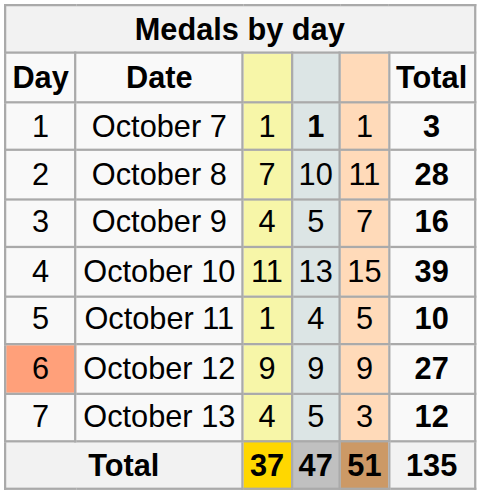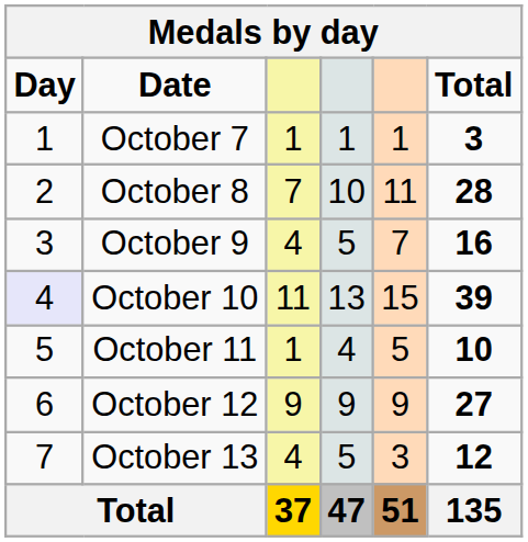 <table class=wikitable style="font-size:85%;text-align:center">
 <tr bgcolor=EFEFEF>
 <th colspan=6>Medals by day</th>
 </tr>
 <tr>
 <td><strong>Day</strong></td>
 <td><strong>Date</strong></td>
 <td bgcolor=F7F6A8></td>
 <td bgcolor=DCE5E5></td>
 <td bgcolor=FFDAB9></td>
 <td><strong>Total</strong></td>
 </tr>
 <tr>
 <td>1</td>
 <td>October 7</td>
 <td bgcolor=F7F6A8>1</td>
-<td bgcolor=DCE5E5><strong>1</strong></td>
+<td bgcolor=DCE5E5>1</td>
 <td bgcolor=FFDAB9>1</td>
 <td><strong>3</strong></td>
 </tr>
 <tr>
 <td>2</td>
 <td>October 8</td>
 <td bgcolor=F7F6A8>7</td>
 <td bgcolor=DCE5E5>10</td>
 <td bgcolor=FFDAB9>11</td>
 <td><strong>28</strong></td>
 </tr>
 <tr>
 <td>3</td>
 <td>October 9</td>
 <td bgcolor=F7F6A8>4</td>
 <td bgcolor=DCE5E5>5</td>
 <td bgcolor=FFDAB9>7</td>
 <td><strong>16</strong></td>
 </tr>
 <tr>
-<td>4</td>
+<td style="background: lavender;">4</td>
 <td>October 10</td>
 <td bgcolor=F7F6A8>11</td>
 <td bgcolor=DCE5E5>13</td>
 <td bgcolor=FFDAB9>15</td>
 <td><strong>39</strong></td>
 </tr>
 <tr>
 <td>5</td>
 <td>October 11</td>
 <td bgcolor=F7F6A8>1</td>
 <td bgcolor=DCE5E5>4</td>
 <td bgcolor=FFDAB9>5</td>
 <td><strong>10</strong></td>
 </tr>
 <tr>
-<td style="background: lightsalmon;">6</td>
+<td>6</td>
 <td>October 12</td>
 <td bgcolor=F7F6A8>9</td>
 <td bgcolor=DCE5E5>9</td>
 <td bgcolor=FFDAB9>9</td>
 <td><strong>27</strong></td>
 </tr>
 <tr>
 <td>7</td>
 <td>October 13</td>
 <td bgcolor=F7F6A8>4</td>
 <td bgcolor=DCE5E5>5</td>
 <td bgcolor=FFDAB9>3</td>
 <td><strong>12</strong></td>
 </tr>
 <tr>
 <th colspan=2>Total</th>
 <th style="background:gold;">37</th>
 <th style="background:silver;">47</th>
 <th style="background:#c96;">51</th>
 <th>135</th>
 </tr>
 </table>
